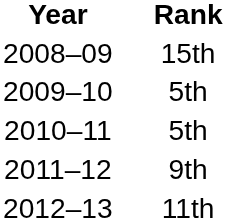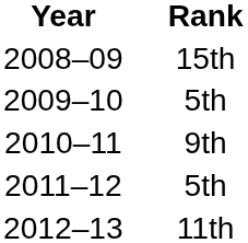 <table style="border:'1' 'solid' 'black'; width:150px;">
 <tr style="text-align:center;">
 <th style="width:64px; ">Year</th>
 <th style="width:64px; ">Rank</th>
 </tr>
 <tr style="text-align:center;">
 <td style="width:64px;">2008–09</td>
 <td style="width:64px;">15th</td>
 </tr>
 <tr style="text-align:center;">
 <td style="width:64px;">2009–10</td>
 <td style="width:64px;">5th</td>
 </tr>
 <tr style="text-align:center;">
 <td style="width:64px;">2010–11</td>
-<td style="width:64px;">5th</td>
+<td style="width:64px;">9th</td>
 </tr>
 <tr style="text-align:center;">
 <td style="width:64px;">2011–12</td>
-<td style="width:64px;">9th</td>
+<td style="width:64px;">5th</td>
 </tr>
 <tr style="text-align:center;">
 <td style="width:64px;">2012–13</td>
 <td style="width:64px;">11th</td>
 </tr>
 </table>
